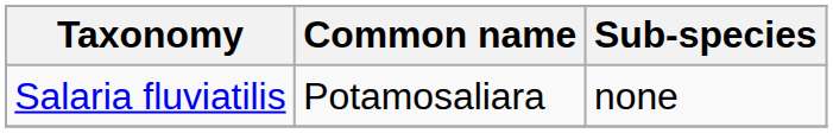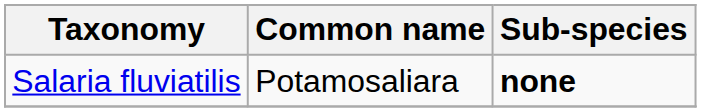 <table class="wikitable">
 <tr>
 <th>Taxonomy</th>
 <th>Common name</th>
 <th>Sub-species</th>
 </tr>
 <tr>
 <td><a href='#'>Salaria fluviatilis</a></td>
 <td>Potamosaliara</td>
-<td>none</td>
+<td><strong>none</strong></td>
 </tr>
 <tr>
 </tr>
 </table>
